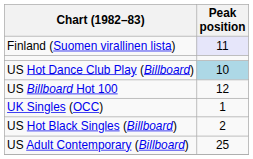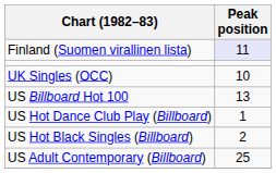 <table class="wikitable sortable">
 <tr>
 <th>Chart (1982–83)</th>
 <th>Peak<br>position</th>
 </tr>
 <tr>
 <td>Finland (<a href='#'>Suomen virallinen lista</a>)</td>
 <td align="center" style="background: lavender;">11</td>
 </tr>
 <tr>
 <td></td>
 </tr>
 <tr>
-<td>US <a href='#'>Hot Dance Club Play</a> (<em><a href='#'>Billboard</a></em>)</td>
-<td align="center" style="background: lightblue;">10</td>
+<td><a href='#'>UK Singles</a> (<a href='#'>OCC</a>)</td>
+<td align="center">10</td>
 </tr>
 <tr>
 <td>US <a href='#'><em>Billboard</em> Hot 100</a></td>
-<td align="center">12</td>
+<td align="center">13</td>
 </tr>
 <tr>
-<td><a href='#'>UK Singles</a> (<a href='#'>OCC</a>)</td>
+<td>US <a href='#'>Hot Dance Club Play</a> (<em><a href='#'>Billboard</a></em>)</td>
 <td align="center">1</td>
 </tr>
 <tr>
 <td>US <a href='#'>Hot Black Singles</a> (<em><a href='#'>Billboard</a></em>)</td>
 <td align="center">2</td>
 </tr>
 <tr>
 <td>US <a href='#'>Adult Contemporary</a> (<em><a href='#'>Billboard</a></em>)</td>
 <td align="center">25</td>
 </tr>
 <tr>
 </tr>
 </table>
